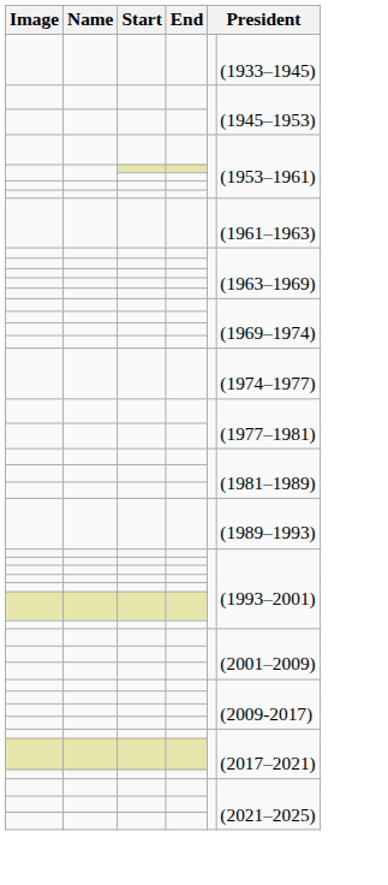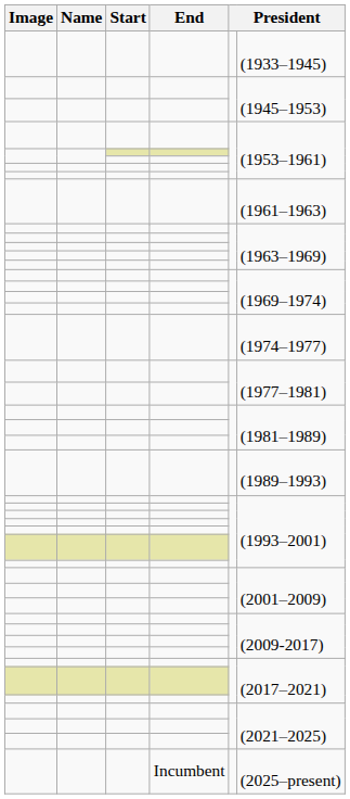 <table class="wikitable sortable">
 <tr>
 <th class=unsortable>Image</th>
 <th>Name</th>
 <th>Start</th>
 <th>End</th>
 <th colspan=2>President</th>
 </tr>
 <tr>
 <td rowspan=2 style="padding-top: 1em; padding-bottom: 1em;"></td>
 <td rowspan=2 style="padding-top: 1em; padding-bottom: 1em;"></td>
 <td rowspan=2 style="padding-top: 1em; padding-bottom: 1em;"></td>
 <td rowspan=2 style="padding-top: 1em; padding-bottom: 1em;"></td>
 <td style="background: "></td>
 <td><br>(1933–1945)</td>
 </tr>
 <tr>
 <td rowspan=3 style="background: "></td>
 <td rowspan=3><br>(1945–1953)</td>
 </tr>
 <tr>
 <td></td>
 <td></td>
 <td></td>
 <td></td>
 </tr>
 <tr>
 <td></td>
 <td></td>
 <td></td>
 <td></td>
 </tr>
 <tr>
 <td></td>
 <td><br></td>
 <td></td>
 <td></td>
 <td rowspan=5 style="background: "></td>
 <td rowspan=5><br>(1953–1961)</td>
 </tr>
 <tr>
 <td rowspan=2></td>
 <td rowspan=2></td>
 <td style="background-color:#E6E6AA;"></td>
 <td style="background-color:#E6E6AA;"></td>
 </tr>
 <tr>
 <td></td>
 <td></td>
 </tr>
 <tr>
 <td></td>
 <td></td>
 <td></td>
 <td></td>
 </tr>
 <tr>
 <td></td>
 <td></td>
 <td></td>
 <td></td>
 </tr>
 <tr>
 <td rowspan=2 style="padding-top: 1em; padding-bottom: 1em;"></td>
 <td rowspan=2 style="padding-top: 1em; padding-bottom: 1em;"></td>
 <td rowspan=2 style="padding-top: 1em; padding-bottom: 1em;"></td>
 <td rowspan=2 style="padding-top: 1em; padding-bottom: 1em;"></td>
 <td style="background: "></td>
 <td><br>(1961–1963)</td>
 </tr>
 <tr>
 <td rowspan=6 style="background: "></td>
 <td rowspan=6><br>(1963–1969)</td>
 </tr>
 <tr>
 <td></td>
 <td></td>
 <td></td>
 <td></td>
 </tr>
 <tr>
 <td></td>
 <td></td>
 <td></td>
 <td></td>
 </tr>
 <tr>
 <td></td>
 <td></td>
 <td></td>
 <td></td>
 </tr>
 <tr>
 <td></td>
 <td></td>
 <td></td>
 <td></td>
 </tr>
 <tr>
 <td></td>
 <td></td>
 <td></td>
 <td></td>
 </tr>
 <tr>
 <td></td>
 <td></td>
 <td></td>
 <td></td>
 <td rowspan=4 style="background: "></td>
 <td rowspan=4><br>(1969–1974)</td>
 </tr>
 <tr>
 <td></td>
 <td></td>
 <td></td>
 <td></td>
 </tr>
 <tr>
 <td></td>
 <td></td>
 <td></td>
 <td></td>
 </tr>
 <tr>
 <td></td>
 <td></td>
 <td></td>
 <td></td>
 </tr>
 <tr>
 <td></td>
 <td></td>
 <td></td>
 <td></td>
 <td style="background: "></td>
 <td><br>(1974–1977)</td>
 </tr>
 <tr>
 <td></td>
 <td></td>
 <td></td>
 <td></td>
 <td rowspan=2 style="background: "></td>
 <td rowspan=2><br>(1977–1981)</td>
 </tr>
 <tr>
 <td></td>
 <td></td>
 <td></td>
 <td></td>
 </tr>
 <tr>
 <td></td>
 <td></td>
 <td></td>
 <td></td>
 <td rowspan=3 style="background: "></td>
 <td rowspan=3><br>(1981–1989)</td>
 </tr>
 <tr>
 <td></td>
 <td></td>
 <td></td>
 <td></td>
 </tr>
 <tr>
 <td></td>
 <td></td>
 <td></td>
 <td></td>
 </tr>
 <tr>
 <td></td>
 <td></td>
 <td></td>
 <td></td>
 <td style="background: "></td>
 <td><br>(1989–1993)</td>
 </tr>
 <tr>
 <td></td>
 <td></td>
 <td></td>
 <td></td>
 <td rowspan=7 style="background: "></td>
 <td rowspan=7><br>(1993–2001)</td>
 </tr>
 <tr>
 <td></td>
 <td></td>
 <td></td>
 <td></td>
 </tr>
 <tr>
 <td></td>
 <td></td>
 <td></td>
 <td></td>
 </tr>
 <tr>
 <td></td>
 <td></td>
 <td></td>
 <td></td>
 </tr>
 <tr>
 <td></td>
 <td></td>
 <td></td>
 <td></td>
 </tr>
 <tr bgcolor="#e6e6aa">
 <td></td>
 <td><br></td>
 <td></td>
 <td></td>
 </tr>
 <tr>
 <td></td>
 <td></td>
 <td></td>
 <td></td>
 </tr>
 <tr>
 <td></td>
 <td></td>
 <td></td>
 <td></td>
 <td rowspan=3 style="background: "></td>
 <td rowspan=3><br>(2001–2009)</td>
 </tr>
 <tr>
 <td></td>
 <td></td>
 <td></td>
 <td></td>
 </tr>
 <tr>
 <td></td>
 <td></td>
 <td></td>
 <td></td>
 </tr>
 <tr>
 <td></td>
 <td></td>
 <td></td>
 <td></td>
 <td rowspan=4 style="background: "></td>
 <td rowspan=4><br>(2009-2017)</td>
 </tr>
 <tr>
 <td></td>
 <td></td>
 <td></td>
 <td></td>
 </tr>
 <tr>
 <td></td>
 <td></td>
 <td></td>
 <td></td>
 </tr>
 <tr>
 <td></td>
 <td></td>
 <td></td>
 <td></td>
 </tr>
 <tr>
 <td></td>
 <td></td>
 <td></td>
 <td></td>
 <td rowspan=3 style="background: "></td>
 <td rowspan=3><br>(2017–2021)</td>
 </tr>
 <tr bgcolor="#e6e6aa">
 <td></td>
 <td><br></td>
 <td></td>
 <td></td>
 </tr>
 <tr>
 <td></td>
 <td></td>
 <td></td>
 <td></td>
 </tr>
 <tr>
 <td></td>
 <td></td>
 <td></td>
 <td></td>
 <td rowspan=3 style="background: "></td>
 <td rowspan=3><br>(2021–2025)</td>
 </tr>
 <tr>
 <td></td>
 <td></td>
 <td></td>
 <td></td>
 </tr>
 <tr>
 <td></td>
 <td></td>
 <td></td>
 <td></td>
 </tr>
+<tr>
+<td></td>
+<td></td>
+<td></td>
+<td>Incumbent</td>
+<td style="background: "></td>
+<td><br>(2025–present)</td>
+</tr>
 </table>
